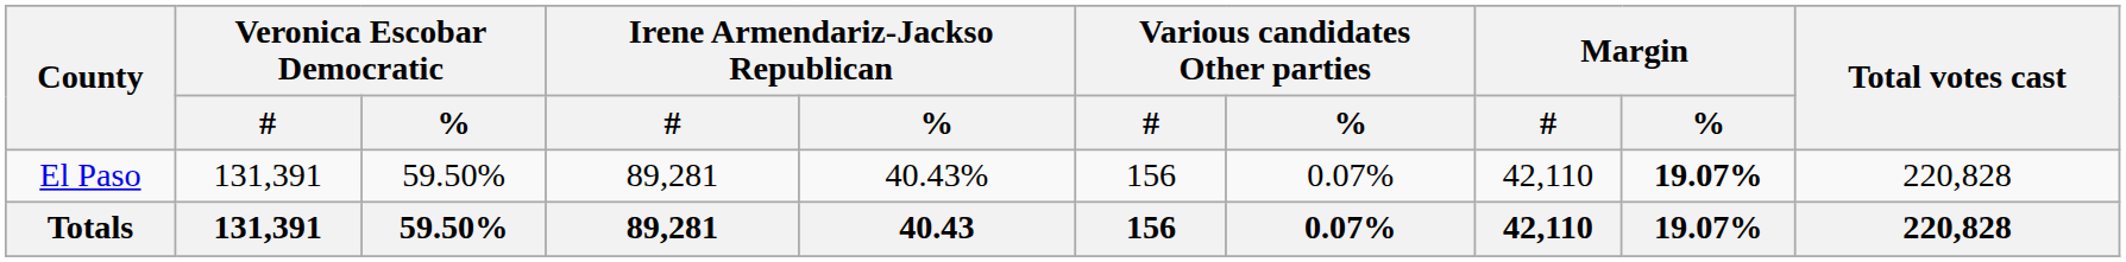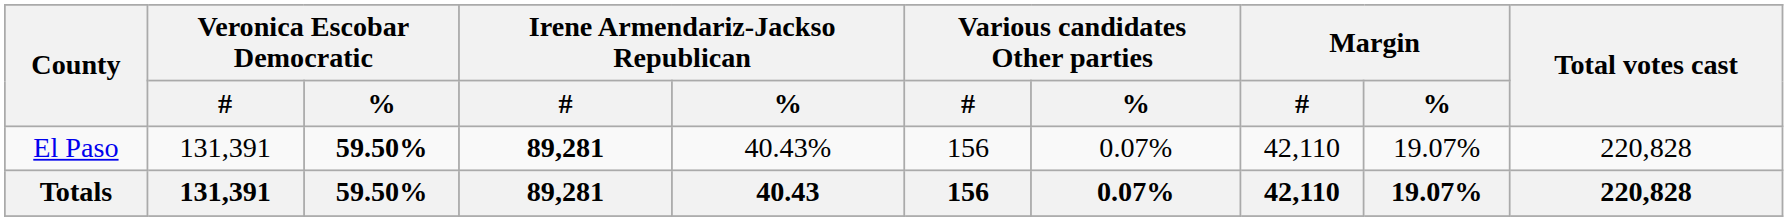 <table width="80%"  class="wikitable sortable" style="text-align:center">
 <tr>
 <th rowspan="2">County</th>
 <th style="text-align:center;" colspan="2">Veronica Escobar<br>Democratic</th>
 <th style="text-align:center;" colspan="2">Irene Armendariz-Jackso<br>Republican</th>
 <th style="text-align:center;" colspan="2">Various candidates<br>Other parties</th>
 <th style="text-align:center;" colspan="2">Margin</th>
 <th rowspan="2" style="text-align:center;">Total votes cast</th>
 </tr>
 <tr>
 <th style="text-align:center;" data-sort-type="number">#</th>
 <th style="text-align:center;" data-sort-type="number">%</th>
 <th style="text-align:center;" data-sort-type="number">#</th>
 <th style="text-align:center;" data-sort-type="number">%</th>
 <th style="text-align:center;" data-sort-type="number">#</th>
 <th style="text-align:center;" data-sort-type="number">%</th>
 <th style="text-align:center;" data-sort-type="number">#</th>
 <th style="text-align:center;" data-sort-type="number">%</th>
 </tr>
 <tr style="text-align:center;">
 <td style="color:black;background-color:"><a href='#'>El Paso</a></td>
 <td style="color:black;background-color:">131,391</td>
-<td style="color:black;background-color:">59.50%</td>
-<td style="background-color:">89,281</td>
+<td style="color:black;background-color:"><strong>59.50%</strong></td>
+<td style="background-color:"><strong>89,281</strong></td>
 <td style="background-color:">40.43%</td>
 <td style="background:">156</td>
 <td style="background:">0.07%</td>
 <td style="color:black;background-color:">42,110</td>
-<td style="color:black;background-color:"><strong>19.07%</strong></td>
+<td style="color:black;background-color:">19.07%</td>
 <td style="color:black;background-color:">220,828</td>
 </tr>
 <tr style="text-align:center;">
 <th>Totals</th>
 <th>131,391</th>
 <th>59.50%</th>
 <th>89,281</th>
 <th>40.43</th>
 <th>156</th>
 <th>0.07%</th>
 <th>42,110</th>
 <th>19.07%</th>
 <th>220,828</th>
 </tr>
 </table>
